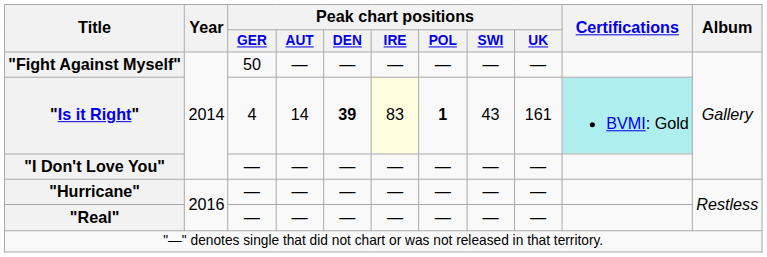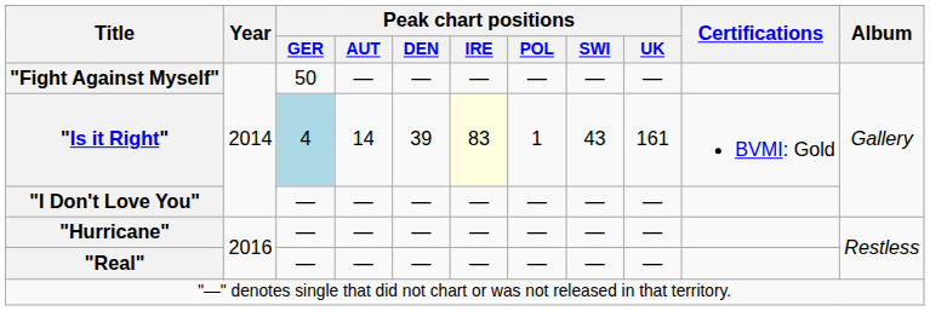 <table class="wikitable plainrowheaders" style="text-align:center;">
 <tr>
 <th scope="col" rowspan="2">Title</th>
 <th scope="col" rowspan="2">Year</th>
 <th scope="col" colspan="7">Peak chart positions</th>
 <th scope="col" rowspan="2"><a href='#'>Certifications</a></th>
 <th scope="col" rowspan="2">Album</th>
 </tr>
 <tr>
 <th scope="col" style="width:3em;font-size:85%;"><a href='#'>GER</a><br></th>
 <th scope="col" style="width:3em;font-size:85%;"><a href='#'>AUT</a><br></th>
 <th scope="col" style="width:3em;font-size:85%;"><a href='#'>DEN</a><br></th>
 <th scope="col" style="width:3em;font-size:85%;"><a href='#'>IRE</a><br></th>
 <th scope="col" style="width:3em;font-size:85%;"><a href='#'>POL</a><br></th>
 <th scope="col" style="width:3em;font-size:85%;"><a href='#'>SWI</a><br></th>
 <th scope="col" style="width:3em;font-size:85%;"><a href='#'>UK</a><br></th>
 </tr>
 <tr>
 <th scope="row">"Fight Against Myself"</th>
 <td rowspan="3">2014</td>
 <td>50</td>
 <td>—</td>
 <td>—</td>
 <td>—</td>
 <td>—</td>
 <td>—</td>
 <td>—</td>
 <td></td>
 <td rowspan="3"><em>Gallery</em></td>
 </tr>
 <tr>
 <th scope="row">"<a href='#'>Is it Right</a>"</th>
-<td>4</td>
+<td style="background: lightblue;">4</td>
 <td>14</td>
-<td><strong>39</strong></td>
+<td>39</td>
 <td style="background: lightyellow;">83</td>
-<td><strong>1</strong></td>
+<td>1</td>
 <td>43</td>
 <td>161</td>
-<td style="background: paleturquoise;"><br><ul><li><a href='#'>BVMI</a>: Gold</li></ul></td>
+<td><br><ul><li><a href='#'>BVMI</a>: Gold</li></ul></td>
 </tr>
 <tr>
 <th scope="row">"I Don't Love You"</th>
 <td>—</td>
 <td>—</td>
 <td>—</td>
 <td>—</td>
 <td>—</td>
 <td>—</td>
 <td>—</td>
 <td></td>
 </tr>
 <tr>
 <th scope="row">"Hurricane"</th>
 <td rowspan="2">2016</td>
 <td>—</td>
 <td>—</td>
 <td>—</td>
 <td>—</td>
 <td>—</td>
 <td>—</td>
 <td>—</td>
 <td></td>
 <td rowspan="2"><em>Restless</em></td>
 </tr>
 <tr>
 <th scope="row">"Real"</th>
 <td>—</td>
 <td>—</td>
 <td>—</td>
 <td>—</td>
 <td>—</td>
 <td>—</td>
 <td>—</td>
 <td></td>
 </tr>
 <tr>
 <td colspan="11" style="font-size:85%">"—" denotes single that did not chart or was not released in that territory.</td>
 </tr>
 </table>
